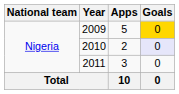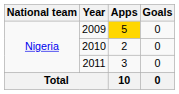 <table class="wikitable" style="text-align:center">
 <tr>
 <th>National team</th>
 <th>Year</th>
 <th>Apps</th>
 <th>Goals</th>
 </tr>
 <tr>
 <td rowspan="3"><a href='#'>Nigeria</a></td>
 <td>2009</td>
-<td>5</td>
-<td style="background: gold;">0</td>
+<td style="background: gold;">5</td>
+<td>0</td>
 </tr>
 <tr>
 <td>2010</td>
 <td>2</td>
-<td style="background: lavender;">0</td>
+<td>0</td>
 </tr>
 <tr>
 <td>2011</td>
 <td>3</td>
 <td>0</td>
 </tr>
 <tr>
 <th colspan=2>Total</th>
 <th>10</th>
 <th>0</th>
 </tr>
 </table>
